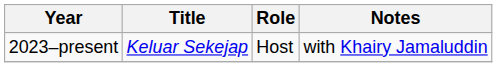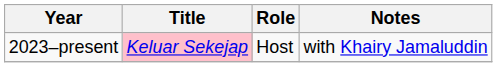 <table class="wikitable">
 <tr>
 <th>Year</th>
 <th>Title</th>
 <th>Role</th>
 <th>Notes</th>
 </tr>
 <tr>
 <td>2023–present</td>
-<td><em><a href='#'>Keluar Sekejap</a></em></td>
+<td style="background: pink;"><em><a href='#'>Keluar Sekejap</a></em></td>
 <td>Host</td>
 <td>with <a href='#'>Khairy Jamaluddin</a></td>
 </tr>
 <tr>
 </tr>
 </table>
